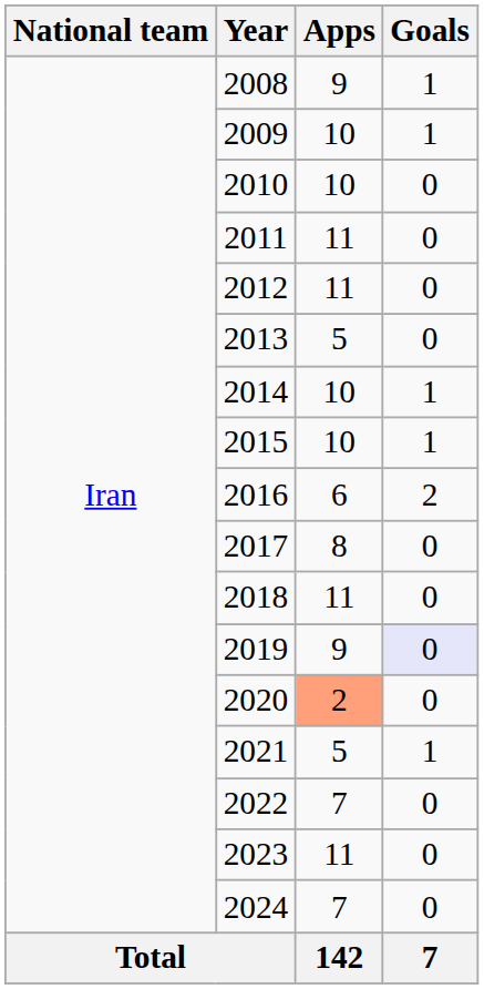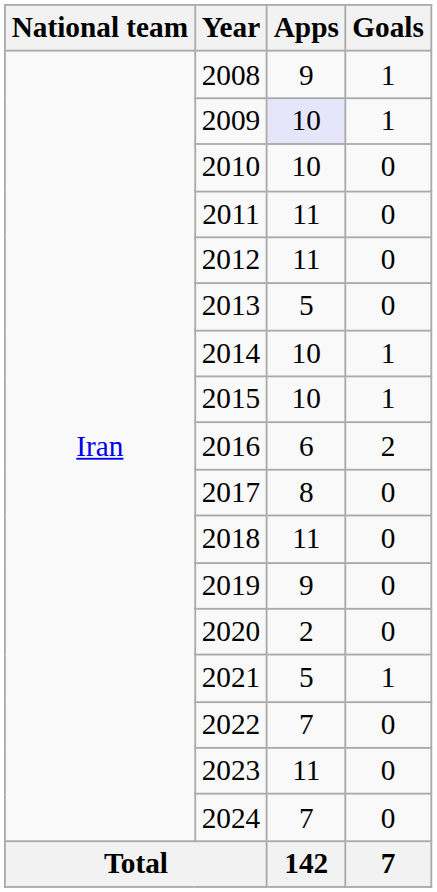 <table class="wikitable" style="text-align:center">
 <tr>
 <th>National team</th>
 <th>Year</th>
 <th>Apps</th>
 <th>Goals</th>
 </tr>
 <tr>
 <td rowspan="17"><a href='#'>Iran</a></td>
 <td>2008</td>
 <td>9</td>
 <td>1</td>
 </tr>
 <tr>
 <td>2009</td>
-<td>10</td>
+<td style="background: lavender;">10</td>
 <td>1</td>
 </tr>
 <tr>
 <td>2010</td>
 <td>10</td>
 <td>0</td>
 </tr>
 <tr>
 <td>2011</td>
 <td>11</td>
 <td>0</td>
 </tr>
 <tr>
 <td>2012</td>
 <td>11</td>
 <td>0</td>
 </tr>
 <tr>
 <td>2013</td>
 <td>5</td>
 <td>0</td>
 </tr>
 <tr>
 <td>2014</td>
 <td>10</td>
 <td>1</td>
 </tr>
 <tr>
 <td>2015</td>
 <td>10</td>
 <td>1</td>
 </tr>
 <tr>
 <td>2016</td>
 <td>6</td>
 <td>2</td>
 </tr>
 <tr>
 <td>2017</td>
 <td>8</td>
 <td>0</td>
 </tr>
 <tr>
 <td>2018</td>
 <td>11</td>
 <td>0</td>
 </tr>
 <tr>
 <td>2019</td>
 <td>9</td>
-<td style="background: lavender;">0</td>
+<td>0</td>
 </tr>
 <tr>
 <td>2020</td>
-<td style="background: lightsalmon;">2</td>
+<td>2</td>
 <td>0</td>
 </tr>
 <tr>
 <td>2021</td>
 <td>5</td>
 <td>1</td>
 </tr>
 <tr>
 <td>2022</td>
 <td>7</td>
 <td>0</td>
 </tr>
 <tr>
 <td>2023</td>
 <td>11</td>
 <td>0</td>
 </tr>
 <tr>
 <td>2024</td>
 <td>7</td>
 <td>0</td>
 </tr>
 <tr>
 <th colspan="2">Total</th>
 <th>142</th>
 <th>7</th>
 </tr>
 </table>
